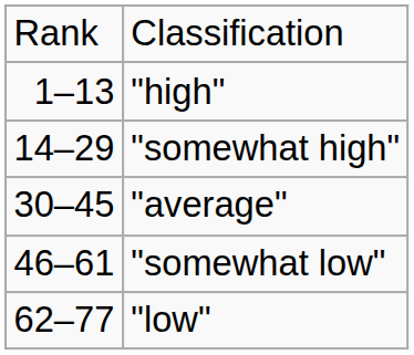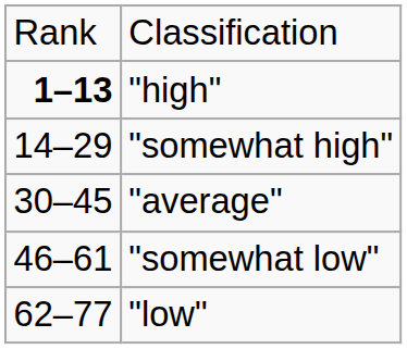 <table class="wikitable" ---valign=top>
 <tr>
 <td>Rank</td>
 <td>Classification</td>
 </tr>
 <tr>
-<td>  1–13</td>
+<td><strong>  1–13</strong></td>
 <td>"high"</td>
 </tr>
 <tr>
 <td>14–29</td>
 <td>"somewhat high"</td>
 </tr>
 <tr>
 <td>30–45</td>
 <td>"average"</td>
 </tr>
 <tr>
 <td>46–61</td>
 <td>"somewhat low"</td>
 </tr>
 <tr>
 <td>62–77</td>
 <td>"low"</td>
 </tr>
 </table>
